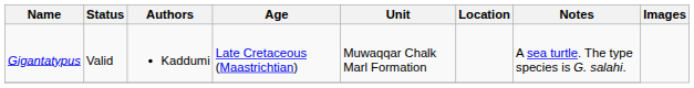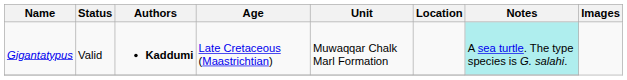 <table class="wikitable sortable" align="center" width="100%">
 <tr>
 <th>Name</th>
 <th>Status</th>
 <th>Authors</th>
 <th>Age</th>
 <th>Unit</th>
 <th>Location</th>
 <th>Notes</th>
 <th>Images</th>
 </tr>
 <tr>
 <td><br><em><a href='#'>Gigantatypus</a></em></td>
 <td><br>Valid</td>
-<td><br><ul><li>Kaddumi</li></ul></td>
+<td><strong><br><ul><li>Kaddumi</li></ul></strong></td>
 <td><br><a href='#'>Late Cretaceous</a> (<a href='#'>Maastrichtian</a>)</td>
 <td><br>Muwaqqar Chalk Marl Formation</td>
 <td><br></td>
-<td><br>A <a href='#'>sea turtle</a>. The type species is <em>G. salahi</em>.</td>
+<td style="background: paleturquoise;"><br>A <a href='#'>sea turtle</a>. The type species is <em>G. salahi</em>.</td>
 </tr>
 <tr>
 </tr>
 </table>
